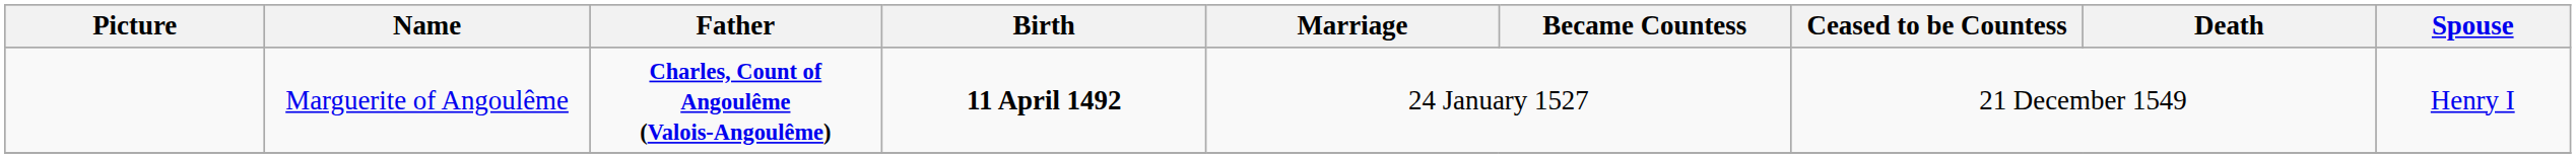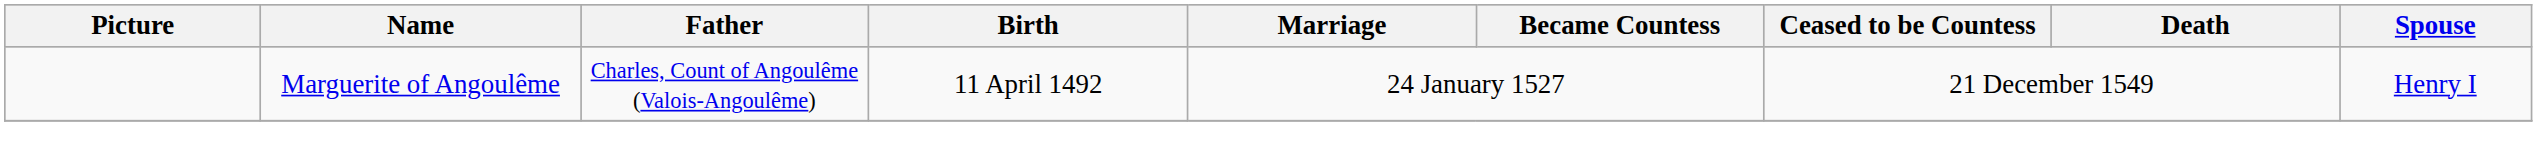 <table width=95% class="wikitable">
 <tr>
 <th width = "8%">Picture</th>
 <th width = "10%">Name</th>
 <th width = "9%">Father</th>
 <th width = "10%">Birth</th>
 <th width = "9%">Marriage</th>
 <th width = "9%">Became Countess</th>
 <th width = "9%">Ceased to be Countess</th>
 <th width = "9%">Death</th>
 <th width = "6%"><a href='#'>Spouse</a></th>
 </tr>
 <tr>
 <td align="center"></td>
 <td align="center"><a href='#'>Marguerite of Angoulême</a></td>
-<td align="center"><strong><small><a href='#'>Charles, Count of Angoulême</a><br>(<a href='#'>Valois-Angoulême</a>)</small></strong></td>
-<td align="center"><strong>11 April 1492</strong></td>
+<td align="center"><small><a href='#'>Charles, Count of Angoulême</a><br>(<a href='#'>Valois-Angoulême</a>)</small></td>
+<td align="center">11 April 1492</td>
 <td align="center" colspan="2">24 January 1527</td>
 <td align="center" colspan="2">21 December 1549</td>
 <td align="center"><a href='#'>Henry I</a></td>
 </tr>
 <tr>
 </tr>
 </table>
